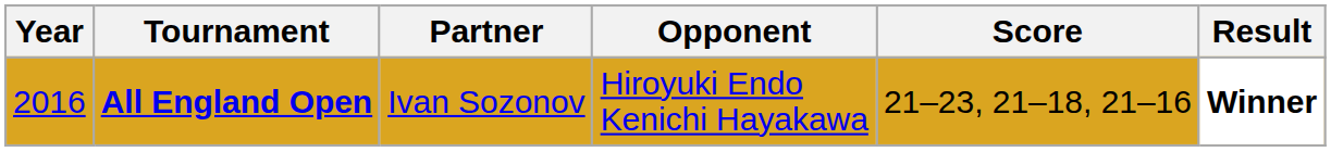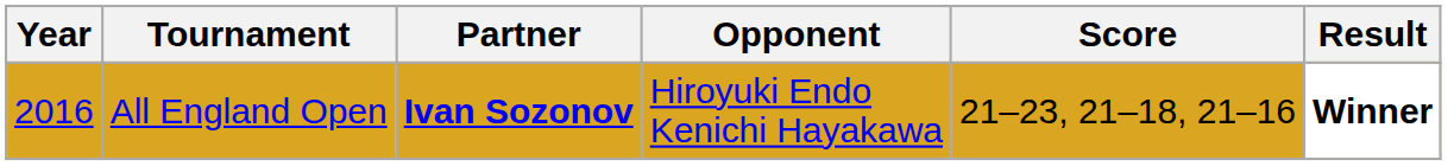 <table class="sortable wikitable" style="font-size: 90%;">
 <tr>
 <th>Year</th>
 <th>Tournament</th>
 <th>Partner</th>
 <th>Opponent</th>
 <th>Score</th>
 <th>Result</th>
 </tr>
 <tr style="background:#DAA520">
 <td align="center"><a href='#'>2016</a></td>
-<td align="left"><strong><a href='#'>All England Open</a></strong></td>
-<td align="left"> <a href='#'>Ivan Sozonov</a></td>
+<td align="left"><a href='#'>All England Open</a></td>
+<td align="left"><strong> <a href='#'>Ivan Sozonov</a></strong></td>
 <td align="left"> <a href='#'>Hiroyuki Endo</a> <br>  <a href='#'>Kenichi Hayakawa</a></td>
 <td align="left">21–23, 21–18, 21–16</td>
 <td style="text-align:left; background:white"> <strong>Winner</strong></td>
 </tr>
 </table>
